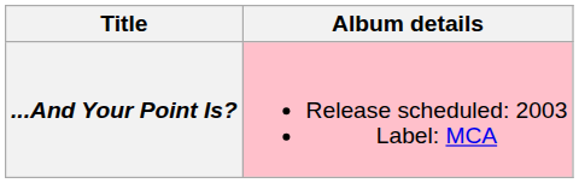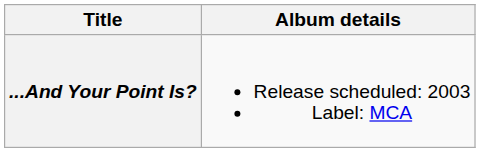 <table class="wikitable plainrowheaders" style="text-align:center;" border="1">
 <tr>
 <th scope="col">Title</th>
 <th scope="col">Album details</th>
 </tr>
 <tr>
 <th scope="row"><em>...And Your Point Is?</em></th>
-<td style="background: pink;"><br><ul><li>Release scheduled: 2003</li><li>Label: <a href='#'>MCA</a></li></ul></td>
+<td><br><ul><li>Release scheduled: 2003</li><li>Label: <a href='#'>MCA</a></li></ul></td>
 </tr>
 </table>
